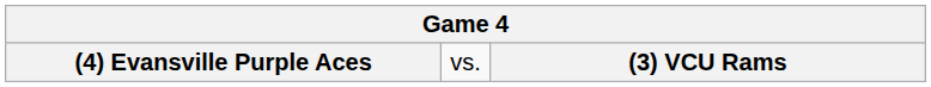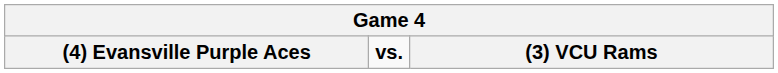 <table class="wikitable">
 <tr>
 <th style="width: 594px;" colspan=3>Game 4</th>
 </tr>
 <tr>
 <th style="width: 284px; ">(4) Evansville Purple Aces</th>
-<td style="width: 25px; text-align:center">vs.</td>
+<td style="width: 25px; text-align:center"><strong>vs.</strong></td>
 <th style="width: 284px; ">(3) VCU Rams</th>
 </tr>
 </table>
